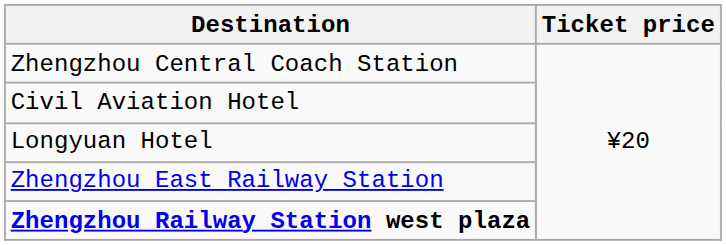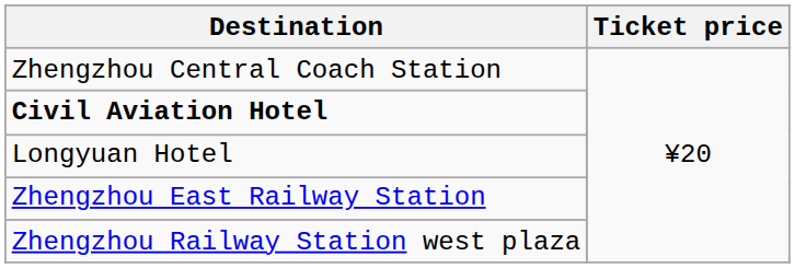 <table class="wikitable">
 <tr>
 <th style="width:70px" colspan="2">Destination</th>
 <th>Ticket price</th>
 </tr>
 <tr>
 <td colspan="2">Zhengzhou Central Coach Station</td>
 <td style="text-align:center;" rowspan="5">¥20</td>
 </tr>
 <tr>
-<td>Civil Aviation Hotel</td>
+<td><strong>Civil Aviation Hotel</strong></td>
 </tr>
 <tr>
 <td>Longyuan Hotel</td>
 </tr>
 <tr>
 <td><a href='#'>Zhengzhou East Railway Station</a></td>
 </tr>
 <tr>
-<td><strong><a href='#'>Zhengzhou Railway Station</a> west plaza</strong></td>
+<td><a href='#'>Zhengzhou Railway Station</a> west plaza</td>
 </tr>
 </table>
